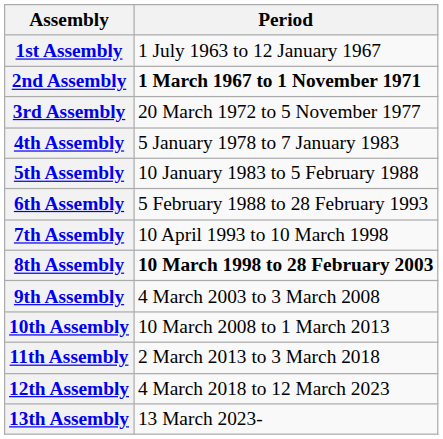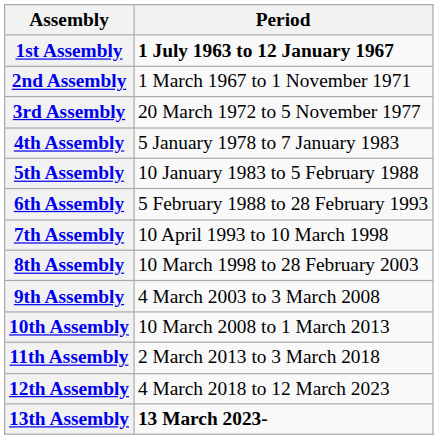 <table class="wikitable">
 <tr>
 <th>Assembly</th>
 <th>Period</th>
 </tr>
 <tr>
 <th><a href='#'>1st Assembly</a></th>
-<td>1 July 1963 to 12 January 1967</td>
+<td><strong>1 July 1963 to 12 January 1967</strong></td>
 </tr>
 <tr>
 <th><a href='#'>2nd Assembly</a></th>
-<td><strong>1 March 1967 to 1 November 1971</strong></td>
+<td>1 March 1967 to 1 November 1971</td>
 </tr>
 <tr>
 <th><a href='#'>3rd Assembly</a></th>
 <td>20 March 1972 to 5 November 1977</td>
 </tr>
 <tr>
 <th><a href='#'>4th Assembly</a></th>
 <td>5 January 1978 to 7 January 1983</td>
 </tr>
 <tr>
 <th><a href='#'>5th Assembly</a></th>
 <td>10 January 1983 to 5 February 1988</td>
 </tr>
 <tr>
 <th><a href='#'>6th Assembly</a></th>
 <td>5 February 1988 to 28 February 1993</td>
 </tr>
 <tr>
 <th><a href='#'>7th Assembly</a></th>
 <td>10 April 1993 to 10 March 1998</td>
 </tr>
 <tr>
 <th><a href='#'>8th Assembly</a></th>
-<td><strong>10 March 1998 to 28 February 2003</strong></td>
+<td>10 March 1998 to 28 February 2003</td>
 </tr>
 <tr>
 <th><a href='#'>9th Assembly</a></th>
 <td>4 March 2003 to 3 March 2008</td>
 </tr>
 <tr>
 <th><a href='#'>10th Assembly</a></th>
 <td>10 March 2008 to 1 March 2013</td>
 </tr>
 <tr>
 <th><a href='#'>11th Assembly</a></th>
 <td>2 March 2013 to 3 March 2018</td>
 </tr>
 <tr>
 <th><a href='#'>12th Assembly</a></th>
 <td>4 March 2018 to 12 March 2023</td>
 </tr>
 <tr>
 <th><a href='#'>13th Assembly</a></th>
-<td>13 March 2023-</td>
+<td><strong>13 March 2023-</strong></td>
 </tr>
 </table>
